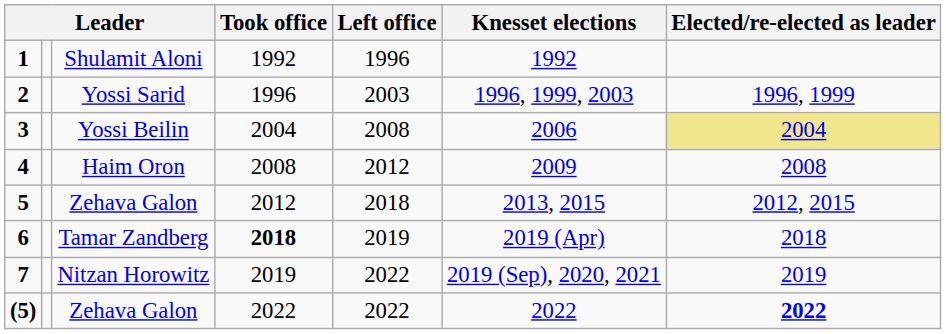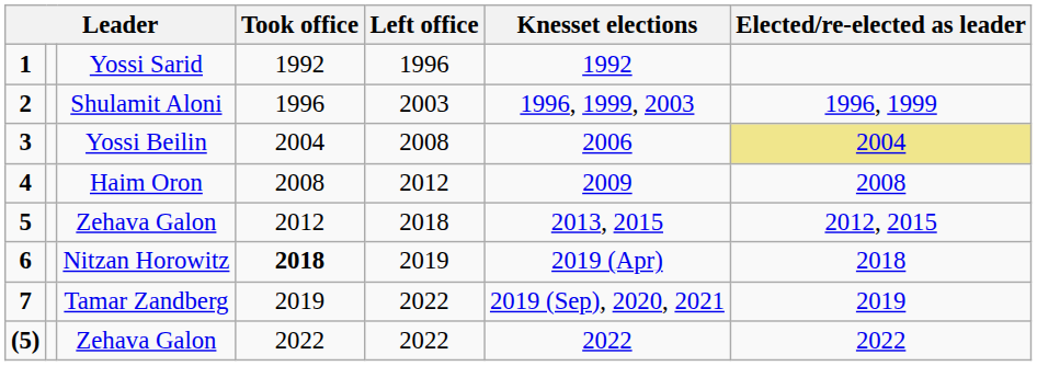 <table class="wikitable" style="text-align: center;">
 <tr>
 <th colspan="3">Leader</th>
 <th>Took office</th>
 <th>Left office</th>
 <th>Knesset elections</th>
 <th>Elected/re-elected as leader</th>
 </tr>
 <tr>
 <td style="background: "><strong>1</strong></td>
 <td></td>
-<td><a href='#'>Shulamit Aloni</a></td>
+<td><a href='#'>Yossi Sarid</a></td>
 <td>1992</td>
 <td>1996</td>
 <td><a href='#'>1992</a></td>
 </tr>
 <tr>
 <td style="background: "><strong>2</strong></td>
 <td></td>
-<td><a href='#'>Yossi Sarid</a></td>
+<td><a href='#'>Shulamit Aloni</a></td>
 <td>1996</td>
 <td>2003</td>
 <td><a href='#'>1996</a>, <a href='#'>1999</a>, <a href='#'>2003</a></td>
 <td><a href='#'>1996</a>, <a href='#'>1999</a></td>
 </tr>
 <tr>
 <td style="background: "><strong>3</strong></td>
 <td></td>
 <td><a href='#'>Yossi Beilin</a></td>
 <td>2004</td>
 <td>2008</td>
 <td><a href='#'>2006</a></td>
 <td style="background: khaki;"><a href='#'>2004</a></td>
 </tr>
 <tr>
 <td style="background: "><strong>4</strong></td>
 <td></td>
 <td><a href='#'>Haim Oron</a></td>
 <td>2008</td>
 <td>2012</td>
 <td><a href='#'>2009</a></td>
 <td><a href='#'>2008</a></td>
 </tr>
 <tr>
 <td style="background: "><strong>5</strong></td>
 <td></td>
 <td><a href='#'>Zehava Galon</a></td>
 <td>2012</td>
 <td>2018</td>
 <td><a href='#'>2013</a>, <a href='#'>2015</a></td>
 <td><a href='#'>2012</a>, <a href='#'>2015</a></td>
 </tr>
 <tr>
 <td style="background: "><strong>6</strong></td>
 <td></td>
-<td><a href='#'>Tamar Zandberg</a></td>
+<td><a href='#'>Nitzan Horowitz</a></td>
 <td><strong>2018</strong></td>
 <td>2019</td>
 <td><a href='#'>2019 (Apr)</a></td>
 <td><a href='#'>2018</a></td>
 </tr>
 <tr>
 <td style="background: "><strong>7</strong></td>
 <td></td>
-<td><a href='#'>Nitzan Horowitz</a></td>
+<td><a href='#'>Tamar Zandberg</a></td>
 <td>2019</td>
 <td>2022</td>
 <td><a href='#'>2019 (Sep)</a>, <a href='#'>2020</a>, <a href='#'>2021</a></td>
 <td><a href='#'>2019</a></td>
 </tr>
 <tr>
 <td style="background: "><strong>(5)</strong></td>
 <td></td>
 <td><a href='#'>Zehava Galon</a></td>
 <td>2022</td>
 <td>2022</td>
 <td><a href='#'>2022</a></td>
-<td><strong><a href='#'>2022</a></strong></td>
+<td><a href='#'>2022</a></td>
 </tr>
 </table>
